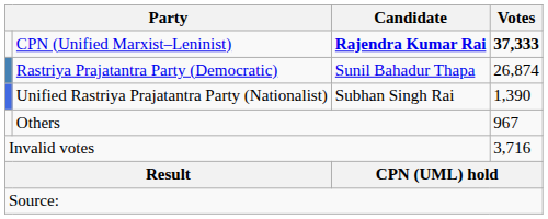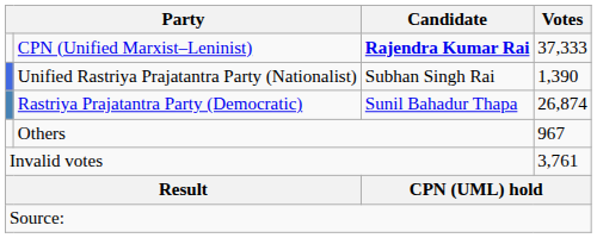 <table class="wikitable">
 <tr>
 <th colspan="2">Party</th>
 <th>Candidate</th>
 <th>Votes</th>
 </tr>
 <tr>
 <td style="background-color:"></td>
 <td><a href='#'>CPN (Unified Marxist–Leninist)</a></td>
 <td><strong><a href='#'>Rajendra Kumar Rai</a></strong></td>
-<td><strong>37,333</strong></td>
+<td>37,333</td>
+</tr>
+<tr>
+<td style="background-color:royalblue"></td>
+<td>Unified Rastriya Prajatantra Party (Nationalist)</td>
+<td>Subhan Singh Rai</td>
+<td>1,390</td>
 </tr>
 <tr>
 <td style="background-color:#4682B4"></td>
 <td><a href='#'>Rastriya Prajatantra Party (Democratic)</a></td>
 <td><a href='#'>Sunil Bahadur Thapa</a></td>
 <td>26,874</td>
 </tr>
 <tr>
-<td style="background-color:royalblue"></td>
-<td>Unified Rastriya Prajatantra Party (Nationalist)</td>
-<td>Subhan Singh Rai</td>
-<td>1,390</td>
-</tr>
-<tr>
 <td></td>
 <td colspan="2">Others</td>
 <td>967</td>
 </tr>
 <tr>
 <td colspan="3">Invalid votes</td>
-<td>3,716</td>
+<td>3,761</td>
 </tr>
 <tr>
 <th colspan="2">Result</th>
 <th colspan="2">CPN (UML) hold</th>
 </tr>
 <tr>
 <td colspan="4">Source: </td>
 </tr>
 </table>
